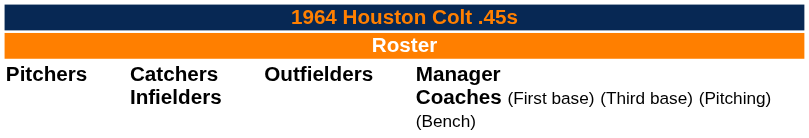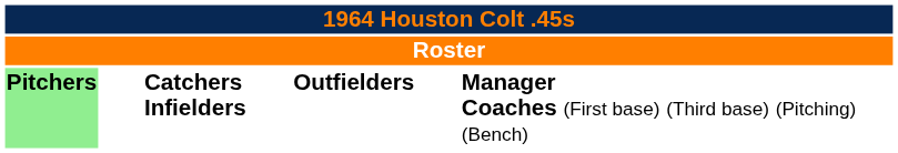 <table class="toccolours" style="text-align: left;">
 <tr>
 <th colspan="10" style="background-color: #072854; color: #FF7F00; text-align: center;">1964 Houston Colt .45s</th>
 </tr>
 <tr>
 <td colspan="10" style="background-color: #FF7F00; color: white; text-align: center;"><strong>Roster</strong></td>
 </tr>
 <tr>
-<td valign="top"><strong>Pitchers</strong><br>                </td>
+<td valign="top" style="background: lightgreen;"><strong>Pitchers</strong><br>                </td>
 <td width="25px"></td>
 <td valign="top"><strong>Catchers</strong><br>    <strong>Infielders</strong>           </td>
 <td width="25px"></td>
 <td valign="top"><strong>Outfielders</strong><br>         </td>
 <td width="25px"></td>
 <td valign="top"><strong>Manager</strong><br>  <strong>Coaches</strong>  <small>(First base)</small>  <small>(Third base)</small>  <small>(Pitching)</small>  <small>(Bench)</small></td>
 </tr>
 <tr>
 </tr>
 </table>
